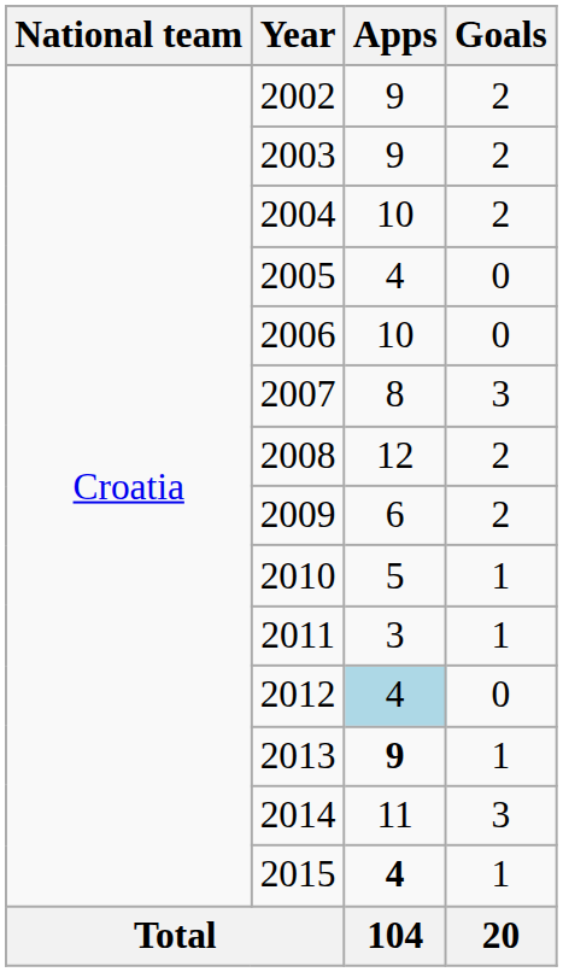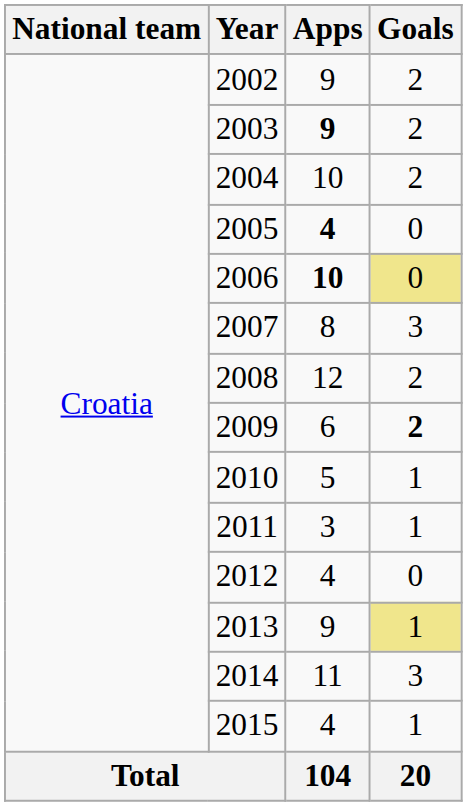 <table class="wikitable" style="text-align:center">
 <tr>
 <th>National team</th>
 <th>Year</th>
 <th>Apps</th>
 <th>Goals</th>
 </tr>
 <tr>
 <td rowspan=14><a href='#'>Croatia</a></td>
 <td>2002</td>
 <td>9</td>
 <td>2</td>
 </tr>
 <tr>
 <td>2003</td>
-<td>9</td>
+<td><strong>9</strong></td>
 <td>2</td>
 </tr>
 <tr>
 <td>2004</td>
 <td>10</td>
 <td>2</td>
 </tr>
 <tr>
 <td>2005</td>
-<td>4</td>
+<td><strong>4</strong></td>
 <td>0</td>
 </tr>
 <tr>
 <td>2006</td>
-<td>10</td>
-<td>0</td>
+<td><strong>10</strong></td>
+<td style="background: khaki;">0</td>
 </tr>
 <tr>
 <td>2007</td>
 <td>8</td>
 <td>3</td>
 </tr>
 <tr>
 <td>2008</td>
 <td>12</td>
 <td>2</td>
 </tr>
 <tr>
 <td>2009</td>
 <td>6</td>
-<td>2</td>
+<td><strong>2</strong></td>
 </tr>
 <tr>
 <td>2010</td>
 <td>5</td>
 <td>1</td>
 </tr>
 <tr>
 <td>2011</td>
 <td>3</td>
 <td>1</td>
 </tr>
 <tr>
 <td>2012</td>
-<td style="background: lightblue;">4</td>
+<td>4</td>
 <td>0</td>
 </tr>
 <tr>
 <td>2013</td>
-<td><strong>9</strong></td>
-<td>1</td>
+<td>9</td>
+<td style="background: khaki;">1</td>
 </tr>
 <tr>
 <td>2014</td>
 <td>11</td>
 <td>3</td>
 </tr>
 <tr>
 <td>2015</td>
-<td><strong>4</strong></td>
+<td>4</td>
 <td>1</td>
 </tr>
 <tr>
 <th colspan=2>Total</th>
 <th>104</th>
 <th>20</th>
 </tr>
 </table>
